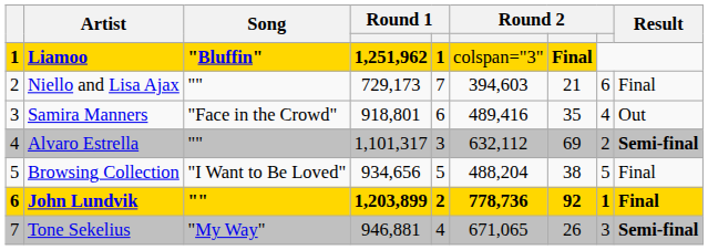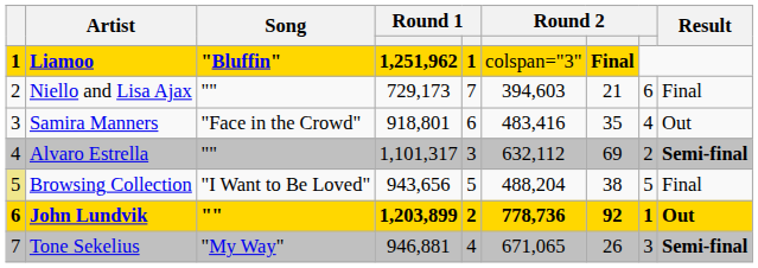 <table class="sortable wikitable" style="margin: 1em auto 1em auto; text-align:center;">
 <tr>
 <th rowspan="2"></th>
 <th rowspan="2">Artist</th>
 <th rowspan="2">Song</th>
 <th colspan="2">Round 1</th>
 <th colspan="3">Round 2</th>
 <th rowspan="2">Result</th>
 </tr>
 <tr>
 <th><small></small></th>
 <th><small></small></th>
 <th><small></small></th>
 <th><small></small></th>
 <th><small></small></th>
 </tr>
 <tr style="background:gold;">
 <td style="font-weight:bold;">1</td>
 <td style="font-weight:bold;" align="left"><a href='#'>Liamoo</a></td>
 <td style="font-weight:bold;" align="left">"<a href='#'>Bluffin</a>"</td>
 <td><strong>1,251,962</strong></td>
 <td><strong>1</strong></td>
 <td>colspan="3" </td>
 <td style="font-weight:bold;" align="left">Final</td>
 </tr>
 <tr>
 <td>2</td>
 <td align="left"><a href='#'>Niello</a> and <a href='#'>Lisa Ajax</a></td>
 <td align="left">""</td>
 <td>729,173</td>
 <td>7</td>
 <td>394,603</td>
 <td>21</td>
 <td>6</td>
 <td align="left">Final</td>
 </tr>
 <tr>
 <td>3</td>
 <td align="left"><a href='#'>Samira Manners</a></td>
 <td align="left">"Face in the Crowd"</td>
 <td>918,801</td>
 <td>6</td>
-<td>489,416</td>
+<td>483,416</td>
 <td>35</td>
 <td>4</td>
 <td align="left">Out</td>
 </tr>
 <tr style="background:silver;">
 <td>4</td>
 <td align="left"><a href='#'>Alvaro Estrella</a></td>
 <td align="left">""</td>
 <td>1,101,317</td>
 <td>3</td>
 <td>632,112</td>
 <td>69</td>
 <td>2</td>
 <td align="left"><strong>Semi-final</strong></td>
 </tr>
 <tr>
-<td>5</td>
+<td style="background: khaki;">5</td>
 <td align="left"><a href='#'>Browsing Collection</a></td>
 <td align="left">"I Want to Be Loved"</td>
-<td>934,656</td>
+<td>943,656</td>
 <td>5</td>
 <td>488,204</td>
 <td>38</td>
 <td>5</td>
 <td align="left">Final</td>
 </tr>
 <tr style="font-weight:bold;background:gold;">
 <td>6</td>
 <td align="left"><a href='#'>John Lundvik</a></td>
 <td align="left">""</td>
 <td>1,203,899</td>
 <td>2</td>
 <td>778,736</td>
 <td>92</td>
 <td>1</td>
-<td align="left">Final</td>
+<td align="left">Out</td>
 </tr>
 <tr style="background:silver;">
 <td>7</td>
 <td align="left"><a href='#'>Tone Sekelius</a></td>
 <td align="left">"<a href='#'>My Way</a>"</td>
 <td>946,881</td>
 <td>4</td>
 <td>671,065</td>
 <td>26</td>
 <td>3</td>
 <td align="left"><strong>Semi-final</strong></td>
 </tr>
 </table>
